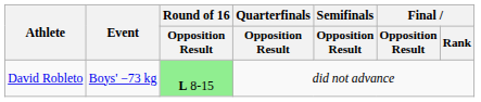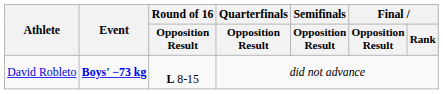 <table class="wikitable" style="font-size:90%;">
 <tr>
 <th rowspan=2>Athlete</th>
 <th rowspan=2>Event</th>
 <th>Round of 16</th>
 <th>Quarterfinals</th>
 <th>Semifinals</th>
 <th colspan=2>Final / </th>
 </tr>
 <tr style="font-size:95%">
 <th>Opposition<br>Result</th>
 <th>Opposition<br>Result</th>
 <th>Opposition<br>Result</th>
 <th>Opposition<br>Result</th>
 <th>Rank</th>
 </tr>
 <tr align=center>
 <td align=left><a href='#'>David Robleto</a></td>
-<td align=left><a href='#'>Boys' −73 kg</a></td>
-<td style="background: lightgreen;"><br> <strong>L</strong> 8-15</td>
+<td align=left><strong><a href='#'>Boys' −73 kg</a></strong></td>
+<td><br> <strong>L</strong> 8-15</td>
 <td Colspan=4><em>did not advance</em></td>
 </tr>
 </table>
